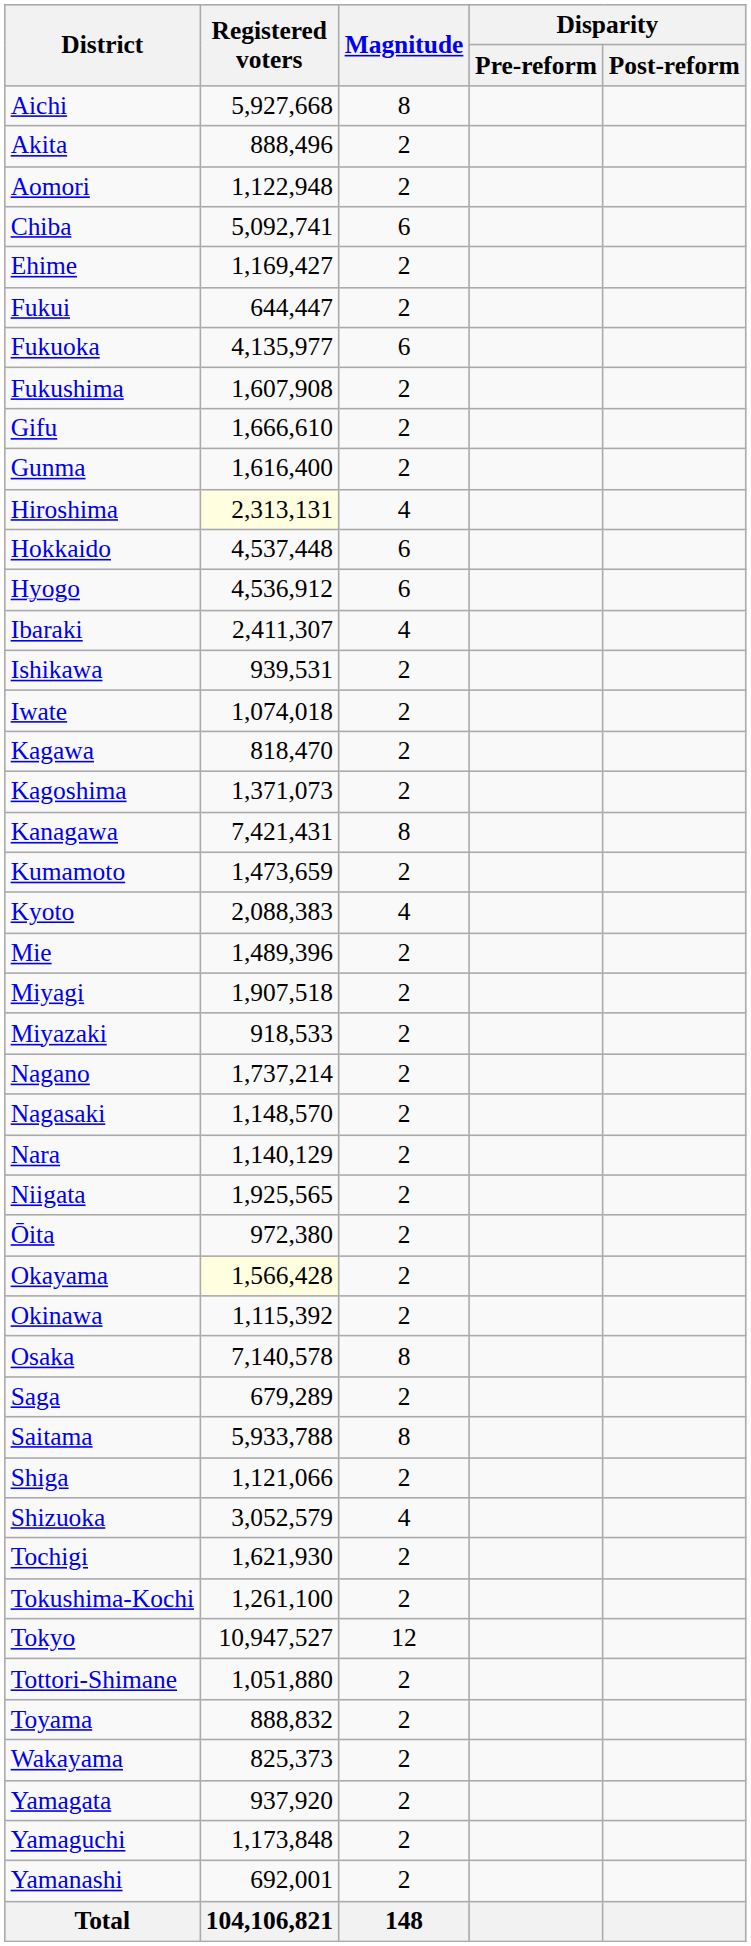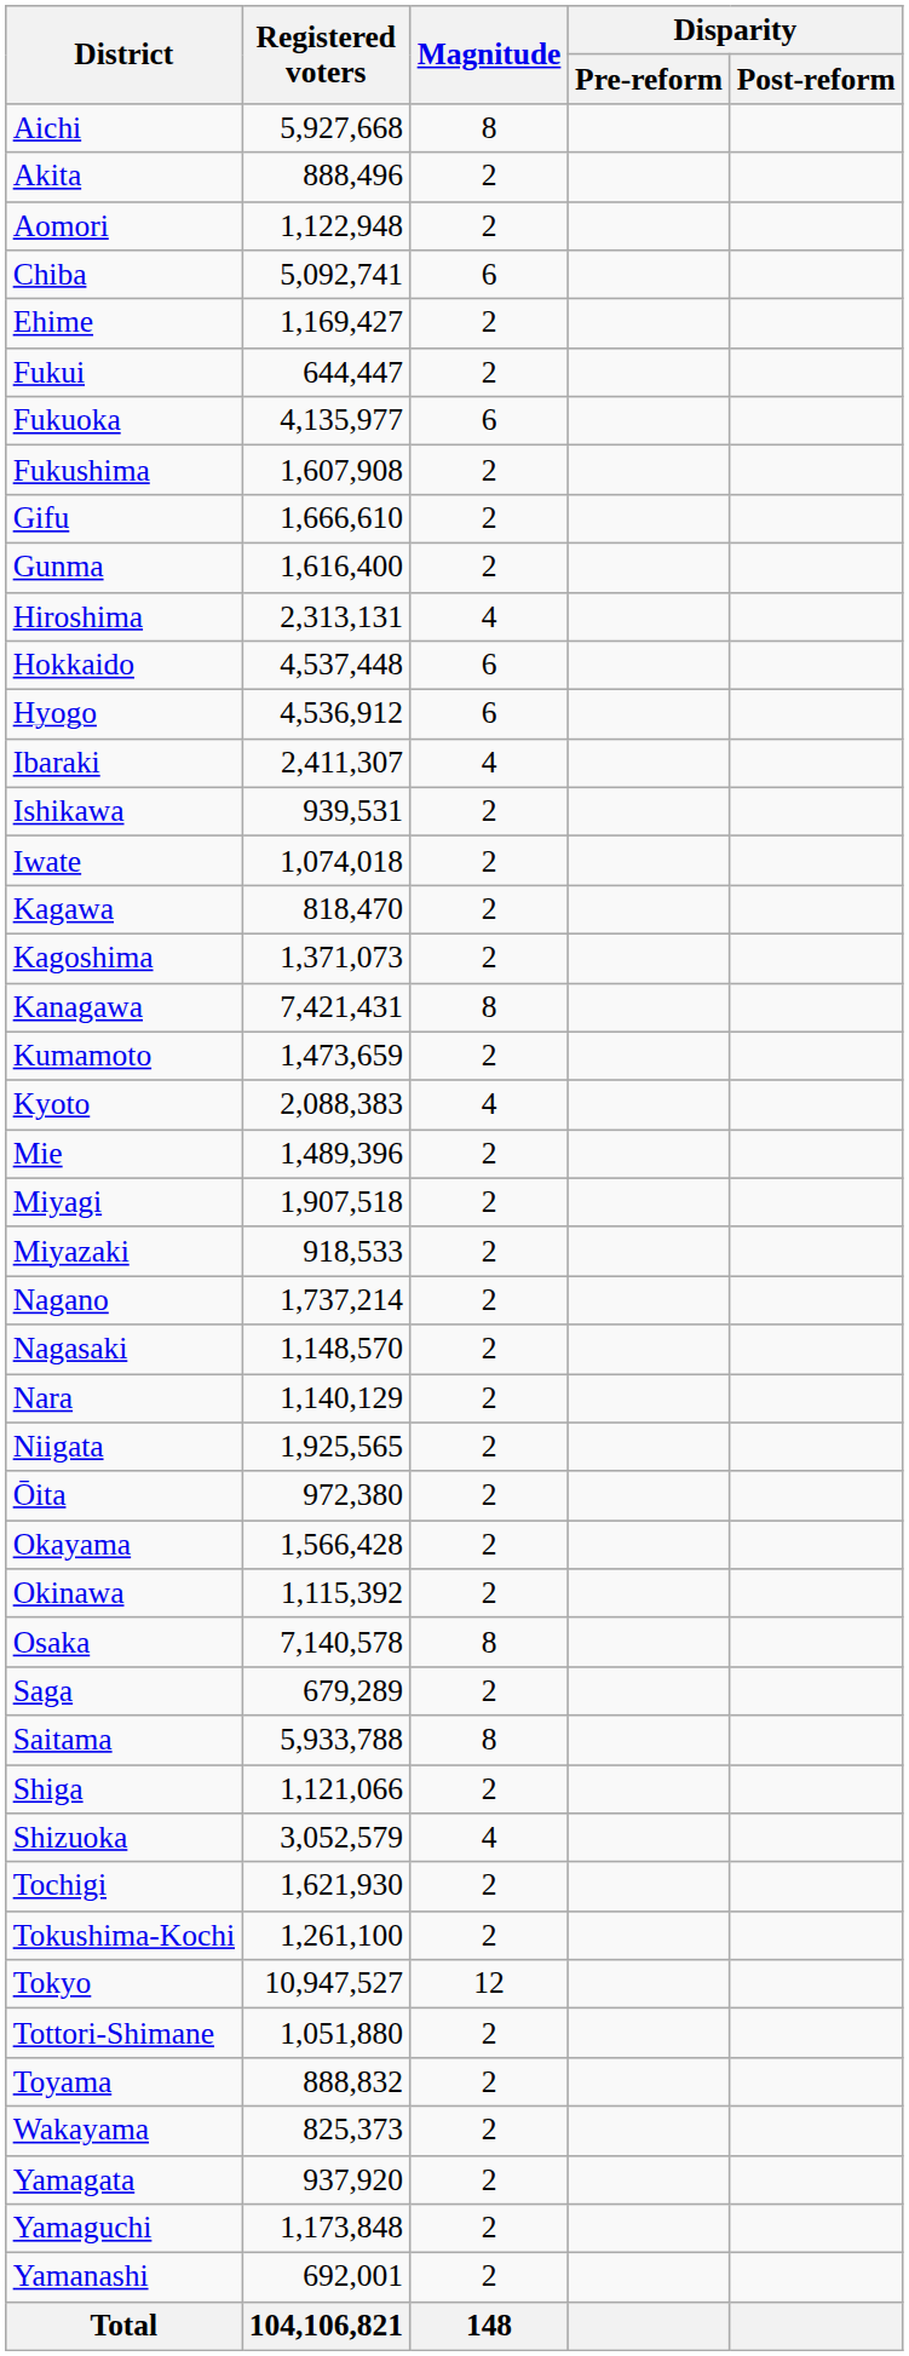 <table class="wikitable sortable">
 <tr>
 <th align="center" rowspan="2">District</th>
 <th align="center" rowspan="2">Registered<br>voters</th>
 <th align="center" rowspan="2"><a href='#'>Magnitude</a></th>
 <th align="center" colspan="2">Disparity</th>
 </tr>
 <tr>
 <th>Pre-reform</th>
 <th>Post-reform</th>
 </tr>
 <tr>
 <td><a href='#'>Aichi</a></td>
 <td align="right">5,927,668</td>
 <td align="center">8</td>
 <td align="center"></td>
 <td align="center"></td>
 </tr>
 <tr>
 <td><a href='#'>Akita</a></td>
 <td align="right">888,496</td>
 <td align="center">2</td>
 <td align="center"></td>
 <td align="center"></td>
 </tr>
 <tr>
 <td><a href='#'>Aomori</a></td>
 <td align="right">1,122,948</td>
 <td align="center">2</td>
 <td align="center"></td>
 <td align="center"></td>
 </tr>
 <tr>
 <td><a href='#'>Chiba</a></td>
 <td align="right">5,092,741</td>
 <td align="center">6</td>
 <td align="center"></td>
 <td align="center"></td>
 </tr>
 <tr>
 <td><a href='#'>Ehime</a></td>
 <td align="right">1,169,427</td>
 <td align="center">2</td>
 <td align="center"></td>
 <td align="center"></td>
 </tr>
 <tr>
 <td><a href='#'>Fukui</a></td>
 <td align="right">644,447</td>
 <td align="center">2</td>
 <td align="center"></td>
 <td align="center"></td>
 </tr>
 <tr>
 <td><a href='#'>Fukuoka</a></td>
 <td align="right">4,135,977</td>
 <td align="center">6</td>
 <td align="center"></td>
 <td align="center"></td>
 </tr>
 <tr>
 <td><a href='#'>Fukushima</a></td>
 <td align="right">1,607,908</td>
 <td align="center">2</td>
 <td align="center"></td>
 <td align="center"></td>
 </tr>
 <tr>
 <td><a href='#'>Gifu</a></td>
 <td align="right">1,666,610</td>
 <td align="center">2</td>
 <td align="center"></td>
 <td align="center"></td>
 </tr>
 <tr>
 <td><a href='#'>Gunma</a></td>
 <td align="right">1,616,400</td>
 <td align="center">2</td>
 <td align="center"></td>
 <td align="center"></td>
 </tr>
 <tr>
 <td><a href='#'>Hiroshima</a></td>
-<td align="right" style="background: lightyellow;">2,313,131</td>
+<td align="right">2,313,131</td>
 <td align="center">4</td>
 <td align="center"></td>
 <td align="center"></td>
 </tr>
 <tr>
 <td><a href='#'>Hokkaido</a></td>
 <td align="right">4,537,448</td>
 <td align="center">6</td>
 <td align="center"></td>
 <td align="center"></td>
 </tr>
 <tr>
 <td><a href='#'>Hyogo</a></td>
 <td align="right">4,536,912</td>
 <td align="center">6</td>
 <td align="center"></td>
 <td align="center"></td>
 </tr>
 <tr>
 <td><a href='#'>Ibaraki</a></td>
 <td align="right">2,411,307</td>
 <td align="center">4</td>
 <td align="center"></td>
 <td align="center"></td>
 </tr>
 <tr>
 <td><a href='#'>Ishikawa</a></td>
 <td align="right">939,531</td>
 <td align="center">2</td>
 <td align="center"></td>
 <td align="center"></td>
 </tr>
 <tr>
 <td><a href='#'>Iwate</a></td>
 <td align="right">1,074,018</td>
 <td align="center">2</td>
 <td align="center"></td>
 <td align="center"></td>
 </tr>
 <tr>
 <td><a href='#'>Kagawa</a></td>
 <td align="right">818,470</td>
 <td align="center">2</td>
 <td align="center"></td>
 <td align="center"></td>
 </tr>
 <tr>
 <td><a href='#'>Kagoshima</a></td>
 <td align="right">1,371,073</td>
 <td align="center">2</td>
 <td align="center"></td>
 <td align="center"></td>
 </tr>
 <tr>
 <td><a href='#'>Kanagawa</a></td>
 <td align="right">7,421,431</td>
 <td align="center">8</td>
 <td align="center"></td>
 <td align="center"></td>
 </tr>
 <tr>
 <td><a href='#'>Kumamoto</a></td>
 <td align="right">1,473,659</td>
 <td align="center">2</td>
 <td align="center"></td>
 <td align="center"></td>
 </tr>
 <tr>
 <td><a href='#'>Kyoto</a></td>
 <td align="right">2,088,383</td>
 <td align="center">4</td>
 <td align="center"></td>
 <td align="center"></td>
 </tr>
 <tr>
 <td><a href='#'>Mie</a></td>
 <td align="right">1,489,396</td>
 <td align="center">2</td>
 <td align="center"></td>
 <td align="center"></td>
 </tr>
 <tr>
 <td><a href='#'>Miyagi</a></td>
 <td align="right">1,907,518</td>
 <td align="center">2</td>
 <td align="center"></td>
 <td align="center"></td>
 </tr>
 <tr>
 <td><a href='#'>Miyazaki</a></td>
 <td align="right">918,533</td>
 <td align="center">2</td>
 <td align="center"></td>
 <td align="center"></td>
 </tr>
 <tr>
 <td><a href='#'>Nagano</a></td>
 <td align="right">1,737,214</td>
 <td align="center">2</td>
 <td align="center"></td>
 <td align="center"></td>
 </tr>
 <tr>
 <td><a href='#'>Nagasaki</a></td>
 <td align="right">1,148,570</td>
 <td align="center">2</td>
 <td align="center"></td>
 <td align="center"></td>
 </tr>
 <tr>
 <td><a href='#'>Nara</a></td>
 <td align="right">1,140,129</td>
 <td align="center">2</td>
 <td align="center"></td>
 <td align="center"></td>
 </tr>
 <tr>
 <td><a href='#'>Niigata</a></td>
 <td align="right">1,925,565</td>
 <td align="center">2</td>
 <td align="center"></td>
 <td align="center"></td>
 </tr>
 <tr>
 <td><a href='#'>Ōita</a></td>
 <td align="right">972,380</td>
 <td align="center">2</td>
 <td align="center"></td>
 <td align="center"></td>
 </tr>
 <tr>
 <td><a href='#'>Okayama</a></td>
-<td align="right" style="background: lightyellow;">1,566,428</td>
+<td align="right">1,566,428</td>
 <td align="center">2</td>
 <td align="center"></td>
 <td align="center"></td>
 </tr>
 <tr>
 <td><a href='#'>Okinawa</a></td>
 <td align="right">1,115,392</td>
 <td align="center">2</td>
 <td align="center"></td>
 <td align="center"></td>
 </tr>
 <tr>
 <td><a href='#'>Osaka</a></td>
 <td align="right">7,140,578</td>
 <td align="center">8</td>
 <td align="center"></td>
 <td align="center"></td>
 </tr>
 <tr>
 <td><a href='#'>Saga</a></td>
 <td align="right">679,289</td>
 <td align="center">2</td>
 <td align="center"></td>
 <td align="center"></td>
 </tr>
 <tr>
 <td><a href='#'>Saitama</a></td>
 <td align="right">5,933,788</td>
 <td align="center">8</td>
 <td align="center"></td>
 <td align="center"></td>
 </tr>
 <tr>
 <td><a href='#'>Shiga</a></td>
 <td align="right">1,121,066</td>
 <td align="center">2</td>
 <td align="center"></td>
 <td align="center"></td>
 </tr>
 <tr>
 <td><a href='#'>Shizuoka</a></td>
 <td align="right">3,052,579</td>
 <td align="center">4</td>
 <td align="center"></td>
 <td align="center"></td>
 </tr>
 <tr>
 <td><a href='#'>Tochigi</a></td>
 <td align="right">1,621,930</td>
 <td align="center">2</td>
 <td align="center"></td>
 <td align="center"></td>
 </tr>
 <tr>
 <td><a href='#'>Tokushima-Kochi</a></td>
 <td align="right">1,261,100</td>
 <td align="center">2</td>
 <td align="center"></td>
 <td align="center"></td>
 </tr>
 <tr>
 <td><a href='#'>Tokyo</a></td>
 <td align="right">10,947,527</td>
 <td align="center">12</td>
 <td align="center"></td>
 <td align="center"></td>
 </tr>
 <tr>
 <td><a href='#'>Tottori-Shimane</a></td>
 <td align="right">1,051,880</td>
 <td align="center">2</td>
 <td align="center"></td>
 <td align="center"></td>
 </tr>
 <tr>
 <td><a href='#'>Toyama</a></td>
 <td align="right">888,832</td>
 <td align="center">2</td>
 <td align="center"></td>
 <td align="center"></td>
 </tr>
 <tr>
 <td><a href='#'>Wakayama</a></td>
 <td align="right">825,373</td>
 <td align="center">2</td>
 <td align="center"></td>
 <td align="center"></td>
 </tr>
 <tr>
 <td><a href='#'>Yamagata</a></td>
 <td align="right">937,920</td>
 <td align="center">2</td>
 <td align="center"></td>
 <td align="center"></td>
 </tr>
 <tr>
 <td><a href='#'>Yamaguchi</a></td>
 <td align="right">1,173,848</td>
 <td align="center">2</td>
 <td align="center"></td>
 <td align="center"></td>
 </tr>
 <tr>
 <td><a href='#'>Yamanashi</a></td>
 <td align="right">692,001</td>
 <td align="center">2</td>
 <td align="center"></td>
 <td align="center"></td>
 </tr>
 <tr>
 <th>Total</th>
 <th>104,106,821</th>
 <th>148</th>
 <th></th>
 <th></th>
 </tr>
 </table>
